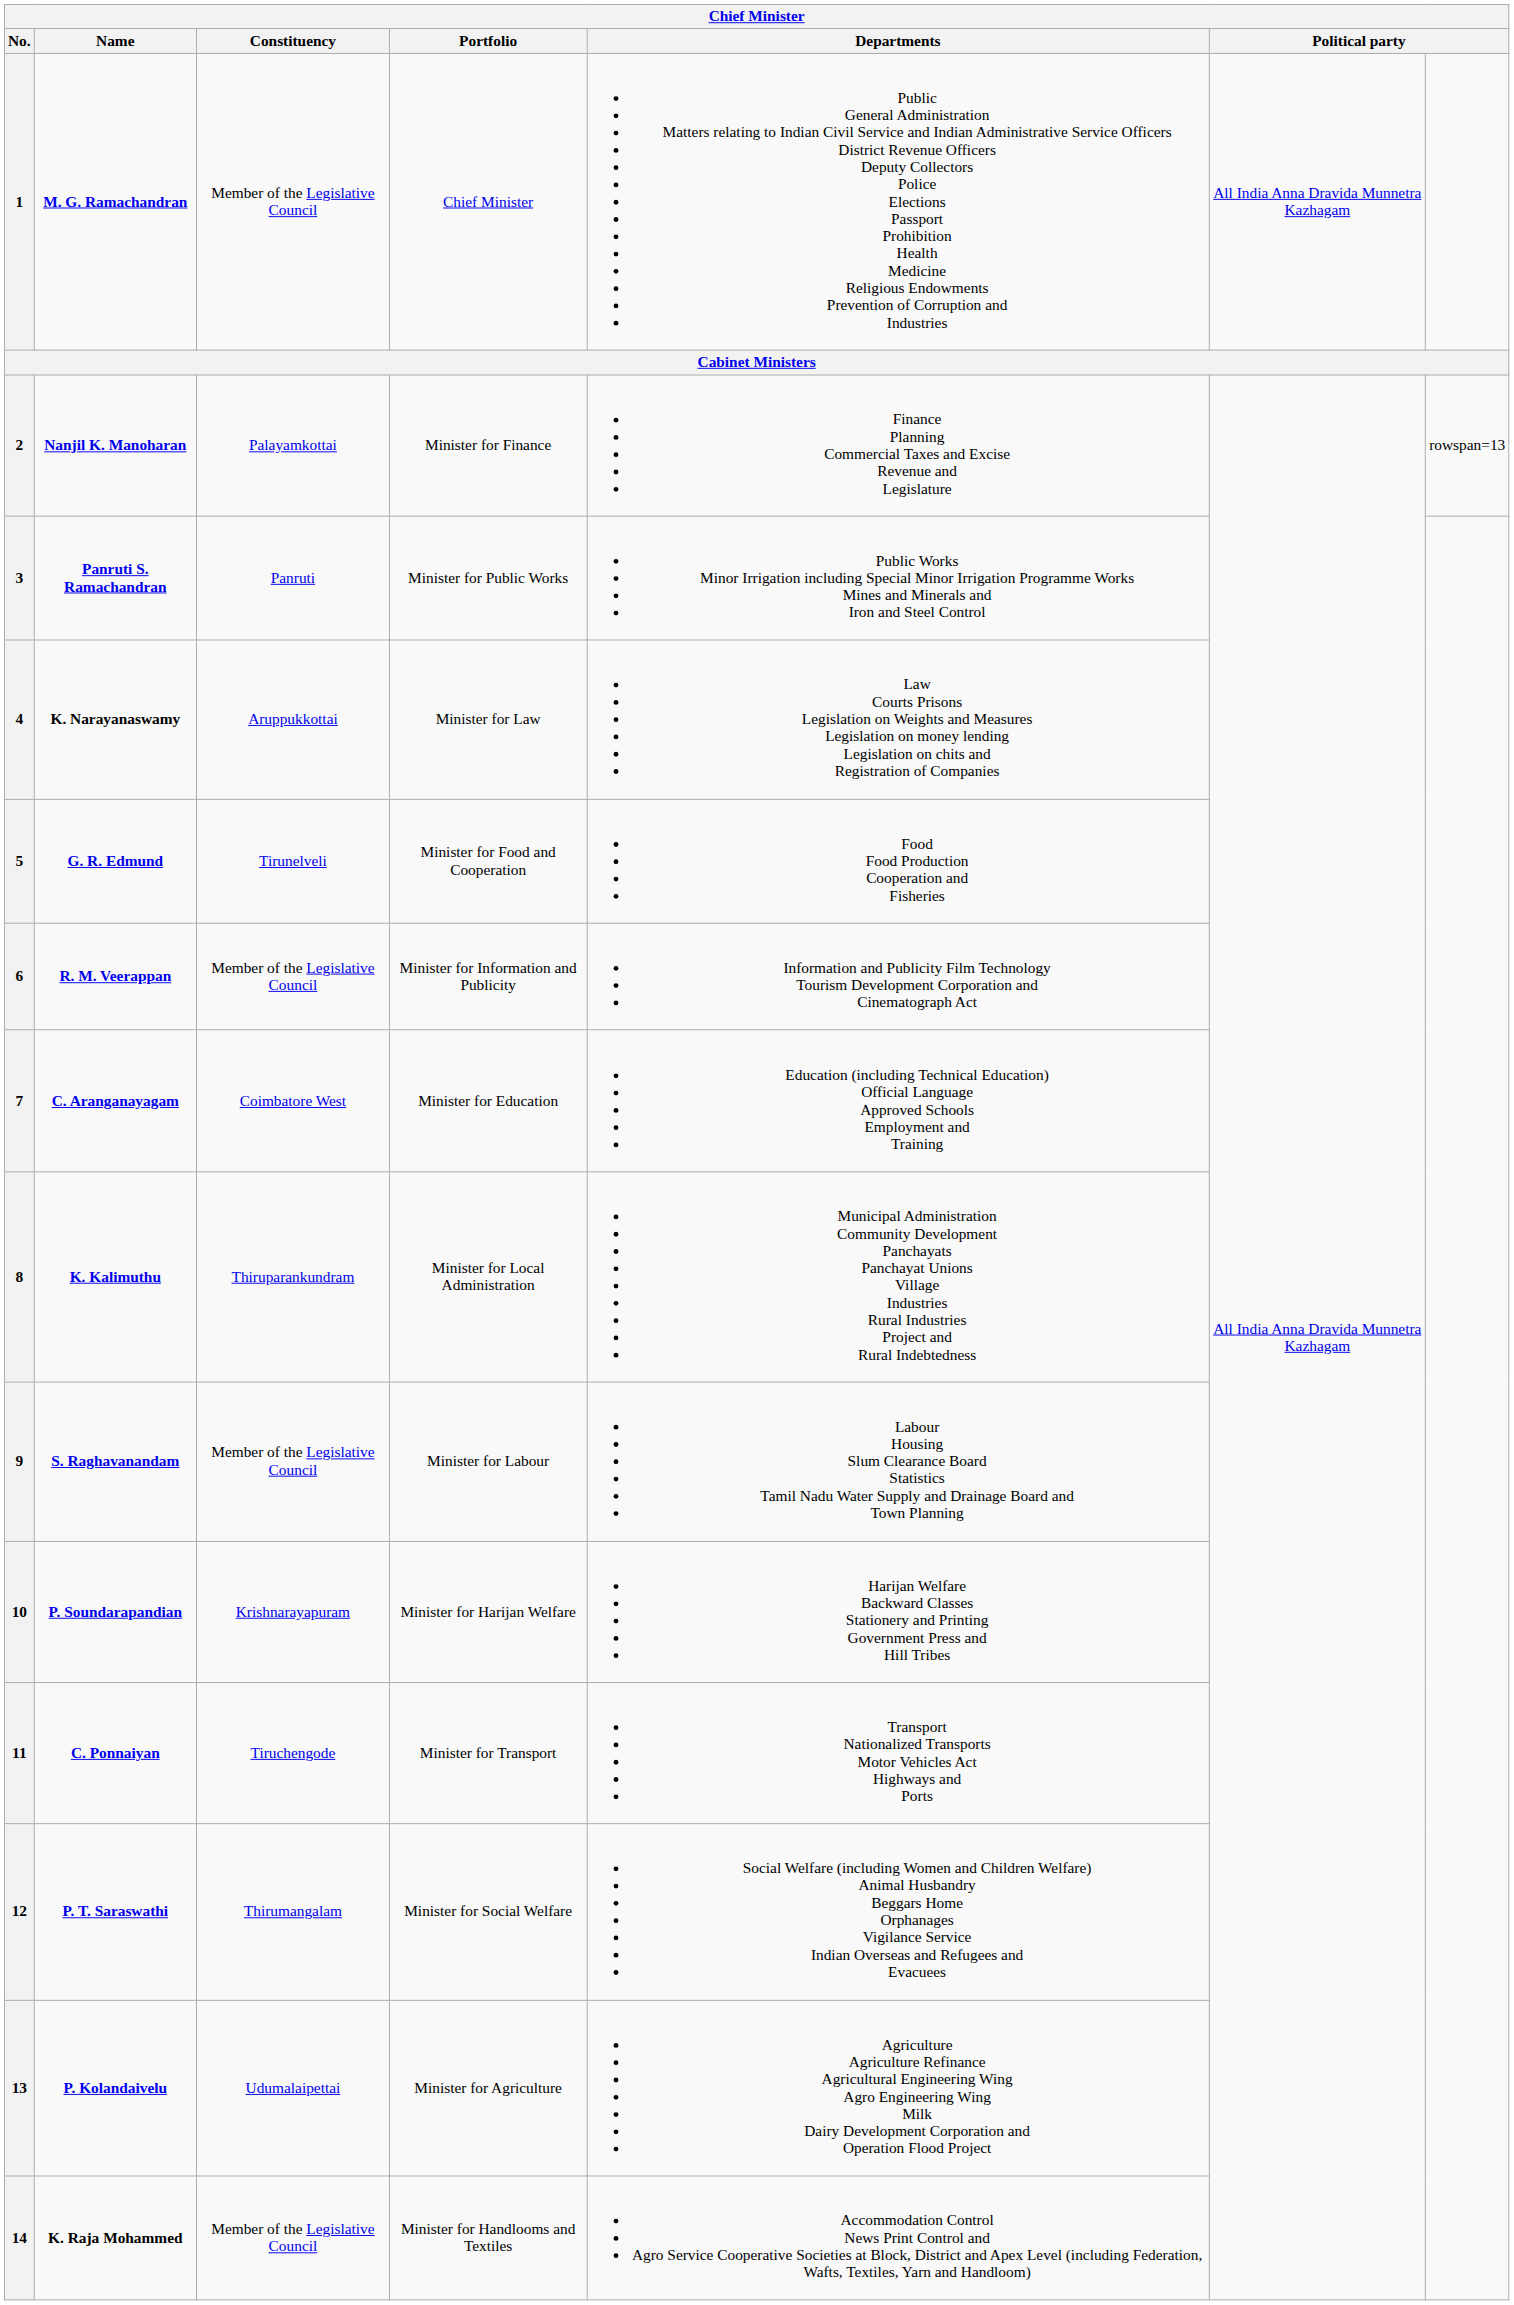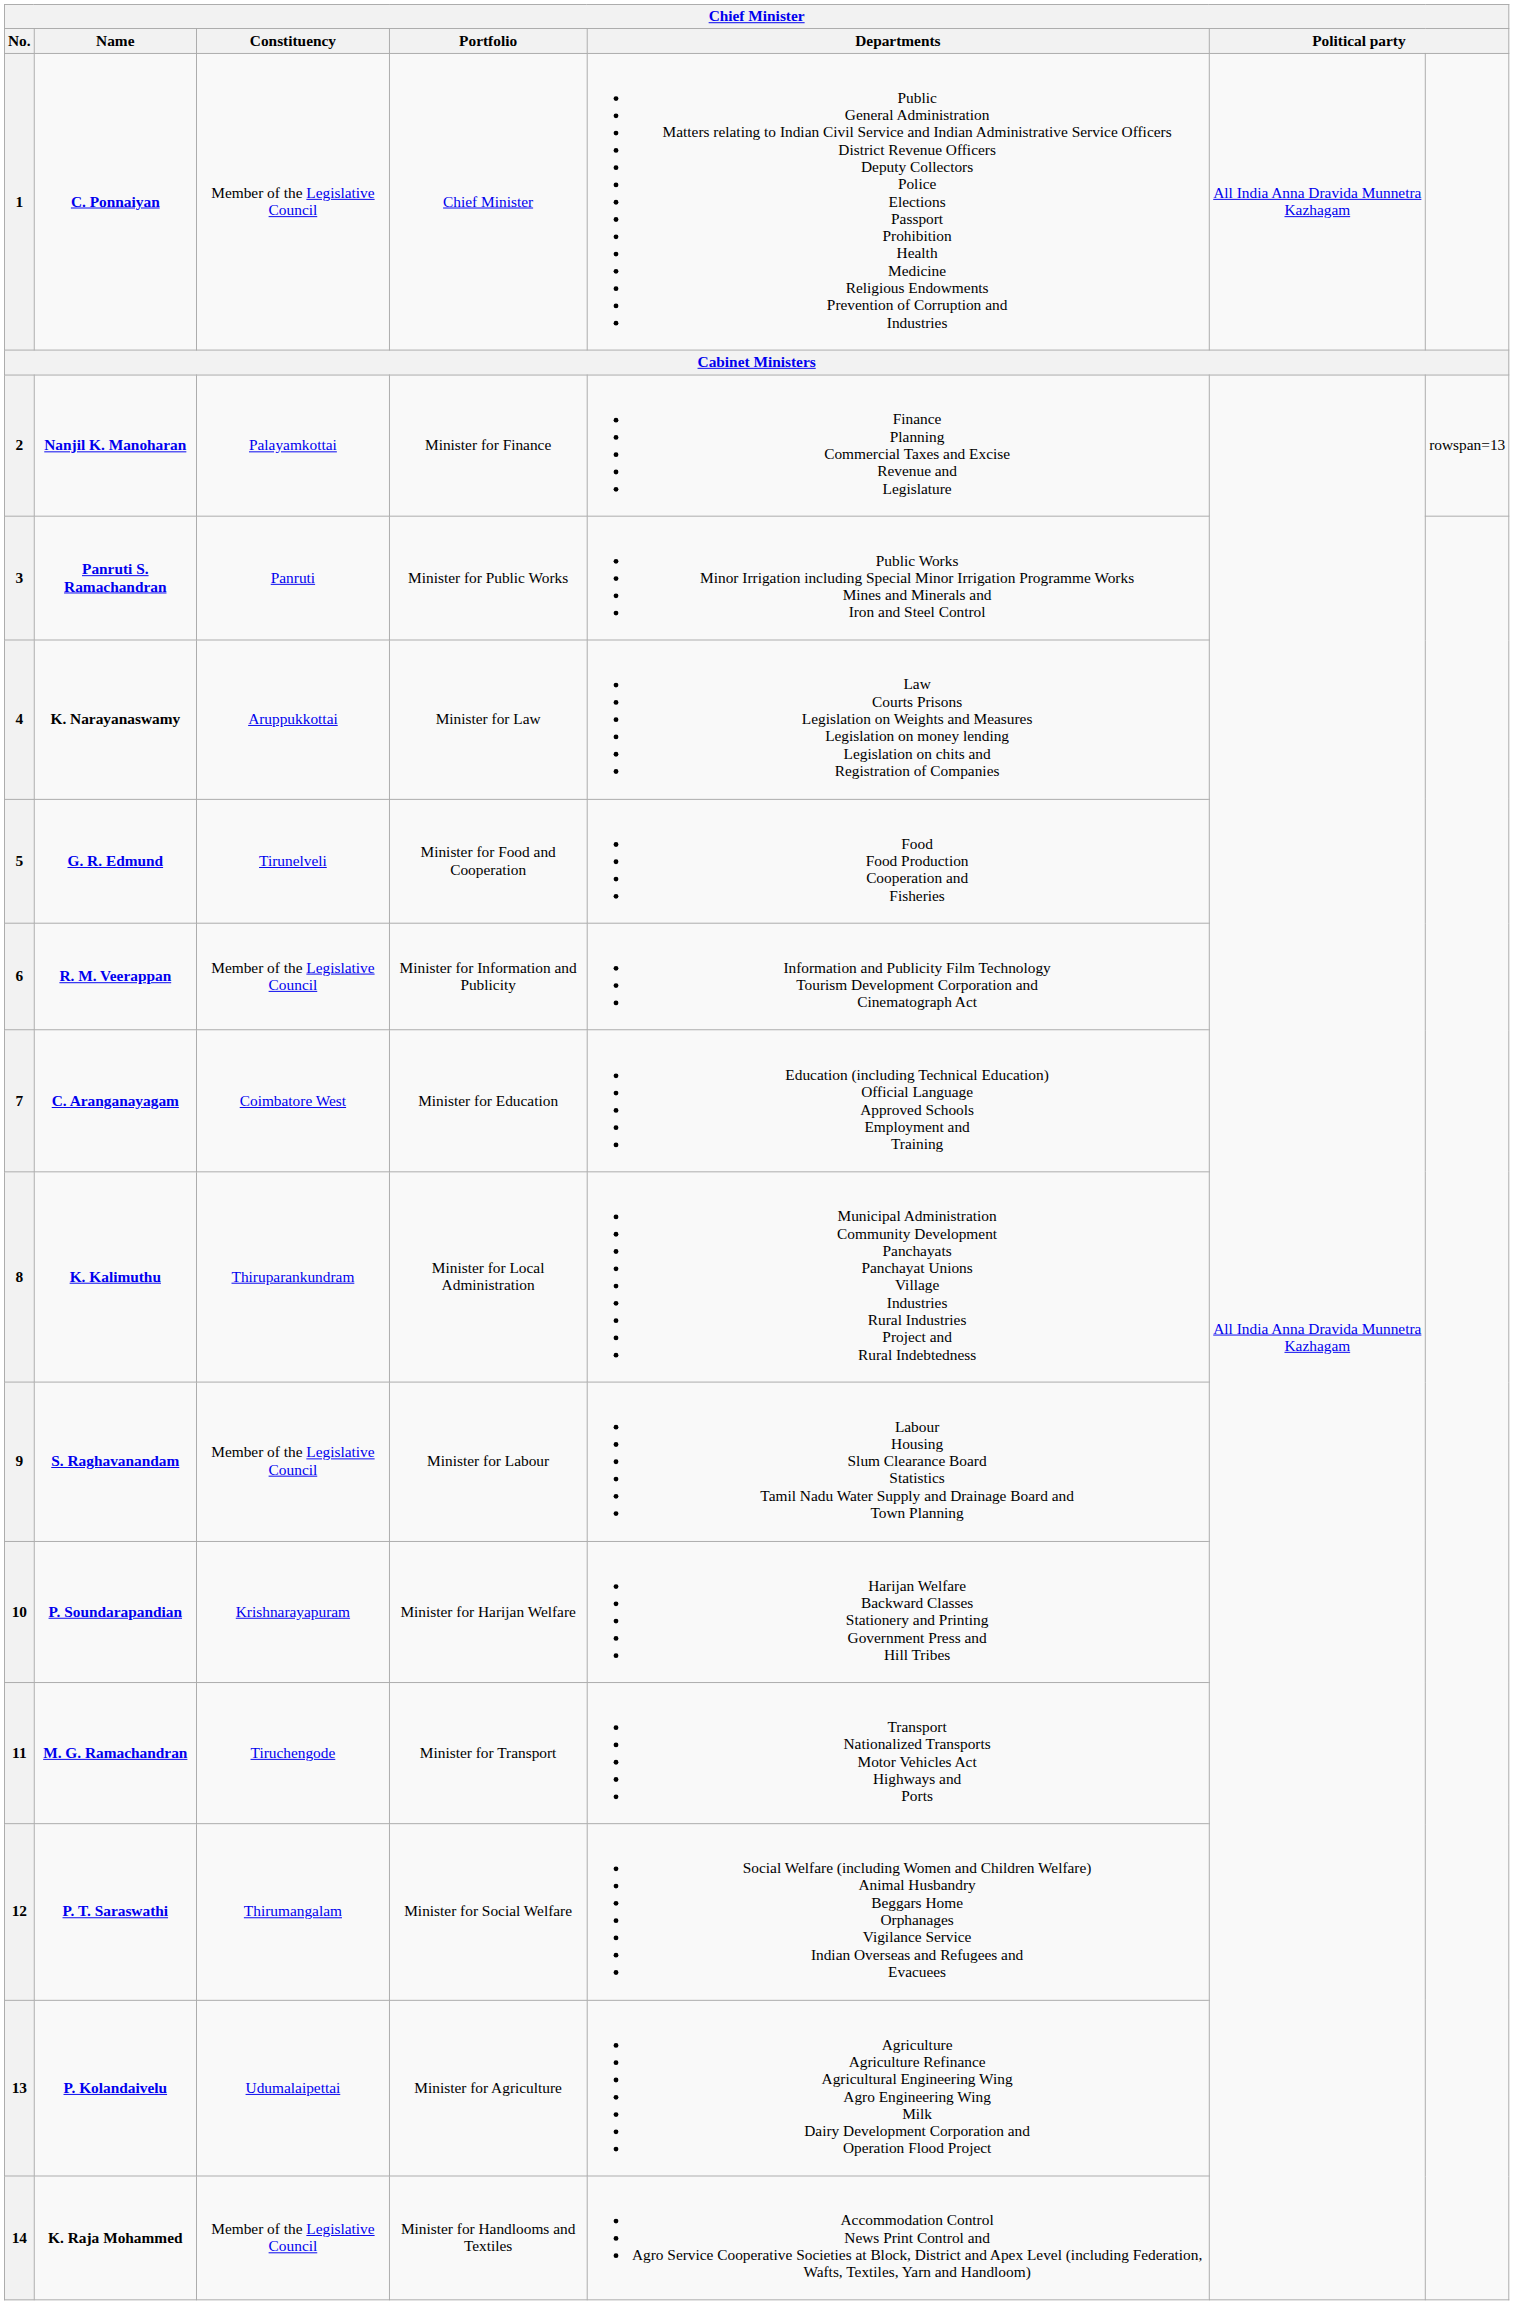 <table class="wikitable" style="text-align:center;">
 <tr>
 <th colspan=7><a href='#'>Chief Minister</a></th>
 </tr>
 <tr>
 <th>No.</th>
 <th>Name</th>
 <th>Constituency</th>
 <th>Portfolio</th>
 <th>Departments</th>
 <th colspan=2>Political party</th>
 </tr>
 <tr>
 <th>1</th>
-<td><strong><a href='#'>M. G. Ramachandran</a></strong></td>
+<td><strong><a href='#'>C. Ponnaiyan</a></strong></td>
 <td>Member of the <a href='#'>Legislative Council</a></td>
 <td><a href='#'>Chief Minister</a></td>
 <td><br><ul><li>Public</li><li>General Administration</li><li>Matters relating to Indian Civil Service and Indian Administrative Service Officers</li><li>District Revenue Officers</li><li>Deputy Collectors</li><li>Police</li><li>Elections</li><li>Passport</li><li>Prohibition</li><li>Health</li><li>Medicine</li><li>Religious Endowments</li><li>Prevention of Corruption and</li><li>Industries</li></ul></td>
 <td><a href='#'>All India Anna Dravida Munnetra Kazhagam</a></td>
 <td></td>
 </tr>
 <tr>
 <th colspan=7><a href='#'>Cabinet Ministers</a></th>
 </tr>
 <tr>
 <th>2</th>
 <td><strong><a href='#'>Nanjil K. Manoharan</a></strong></td>
 <td><a href='#'>Palayamkottai</a></td>
 <td>Minister for Finance</td>
 <td><br><ul><li>Finance</li><li>Planning</li><li>Commercial Taxes and Excise</li><li>Revenue and</li><li>Legislature</li></ul></td>
 <td rowspan=13><a href='#'>All India Anna Dravida Munnetra Kazhagam</a></td>
 <td>rowspan=13 </td>
 </tr>
 <tr>
 <th>3</th>
 <td><strong><a href='#'>Panruti S. Ramachandran</a></strong></td>
 <td><a href='#'>Panruti</a></td>
 <td>Minister for Public Works</td>
 <td><br><ul><li>Public Works</li><li>Minor Irrigation including Special Minor Irrigation Programme Works</li><li>Mines and Minerals and</li><li>Iron and Steel Control</li></ul></td>
 </tr>
 <tr>
 <th>4</th>
 <td><strong>K. Narayanaswamy</strong></td>
 <td><a href='#'>Aruppukkottai</a></td>
 <td>Minister for Law</td>
 <td><br><ul><li>Law</li><li>Courts Prisons</li><li>Legislation on Weights and Measures</li><li>Legislation on money lending</li><li>Legislation on chits and</li><li>Registration of Companies</li></ul></td>
 </tr>
 <tr>
 <th>5</th>
 <td><strong><a href='#'>G. R. Edmund</a></strong></td>
 <td><a href='#'>Tirunelveli</a></td>
 <td>Minister for Food and Cooperation</td>
 <td><br><ul><li>Food</li><li>Food Production</li><li>Cooperation and</li><li>Fisheries</li></ul></td>
 </tr>
 <tr>
 <th>6</th>
 <td><strong><a href='#'>R. M. Veerappan</a></strong></td>
 <td>Member of the <a href='#'>Legislative Council</a></td>
 <td>Minister for Information and Publicity</td>
 <td><br><ul><li>Information and Publicity Film Technology</li><li>Tourism Development Corporation and</li><li>Cinematograph Act</li></ul></td>
 </tr>
 <tr>
 <th>7</th>
 <td><strong><a href='#'>C. Aranganayagam</a></strong></td>
 <td><a href='#'>Coimbatore West</a></td>
 <td>Minister for Education</td>
 <td><br><ul><li>Education (including Technical Education)</li><li>Official Language</li><li>Approved Schools</li><li>Employment and</li><li>Training</li></ul></td>
 </tr>
 <tr>
 <th>8</th>
 <td><strong><a href='#'>K. Kalimuthu</a></strong></td>
 <td><a href='#'>Thiruparankundram</a></td>
 <td>Minister for Local Administration</td>
 <td><br><ul><li>Municipal Administration</li><li>Community Development</li><li>Panchayats</li><li>Panchayat Unions</li><li>Village</li><li>Industries</li><li>Rural Industries</li><li>Project and</li><li>Rural Indebtedness</li></ul></td>
 </tr>
 <tr>
 <th>9</th>
 <td><strong><a href='#'>S. Raghavanandam</a></strong></td>
 <td>Member of the <a href='#'>Legislative Council</a></td>
 <td>Minister for Labour</td>
 <td><br><ul><li>Labour</li><li>Housing</li><li>Slum Clearance Board</li><li>Statistics</li><li>Tamil Nadu Water Supply and Drainage Board and</li><li>Town Planning</li></ul></td>
 </tr>
 <tr>
 <th>10</th>
 <td><strong><a href='#'>P. Soundarapandian</a></strong></td>
 <td><a href='#'>Krishnarayapuram</a></td>
 <td>Minister for Harijan Welfare</td>
 <td><br><ul><li>Harijan Welfare</li><li>Backward Classes</li><li>Stationery and Printing</li><li>Government Press and</li><li>Hill Tribes</li></ul></td>
 </tr>
 <tr>
 <th>11</th>
-<td><strong><a href='#'>C. Ponnaiyan</a></strong></td>
+<td><strong><a href='#'>M. G. Ramachandran</a></strong></td>
 <td><a href='#'>Tiruchengode</a></td>
 <td>Minister for Transport</td>
 <td><br><ul><li>Transport</li><li>Nationalized Transports</li><li>Motor Vehicles Act</li><li>Highways and</li><li>Ports</li></ul></td>
 </tr>
 <tr>
 <th>12</th>
 <td><strong><a href='#'>P. T. Saraswathi</a></strong></td>
 <td><a href='#'>Thirumangalam</a></td>
 <td>Minister for Social Welfare</td>
 <td><br><ul><li>Social Welfare (including Women and Children Welfare)</li><li>Animal Husbandry</li><li>Beggars Home</li><li>Orphanages</li><li>Vigilance Service</li><li>Indian Overseas and Refugees and</li><li>Evacuees</li></ul></td>
 </tr>
 <tr>
 <th>13</th>
 <td><strong><a href='#'>P. Kolandaivelu</a></strong></td>
 <td><a href='#'>Udumalaipettai</a></td>
 <td>Minister for Agriculture</td>
 <td><br><ul><li>Agriculture</li><li>Agriculture Refinance</li><li>Agricultural Engineering Wing</li><li>Agro Engineering Wing</li><li>Milk</li><li>Dairy Development Corporation and</li><li>Operation Flood Project</li></ul></td>
 </tr>
 <tr>
 <th>14</th>
 <td><strong>K. Raja Mohammed</strong></td>
 <td>Member of the <a href='#'>Legislative Council</a></td>
 <td>Minister for Handlooms and Textiles</td>
 <td><br><ul><li>Accommodation Control</li><li>News Print Control and</li><li>Agro Service Cooperative Societies at Block, District and Apex Level (including Federation, Wafts, Textiles, Yarn and Handloom)</li></ul></td>
 </tr>
 </table>
